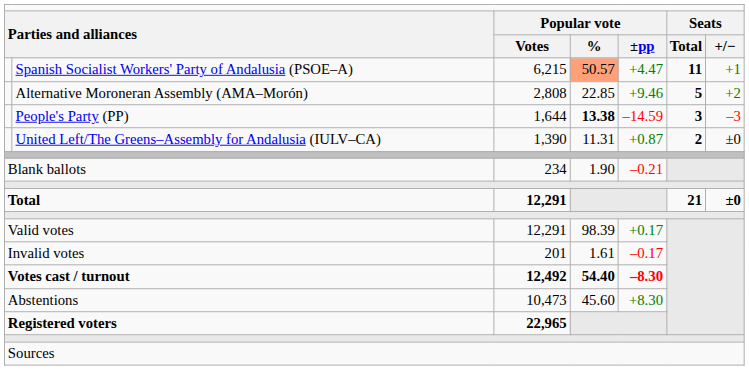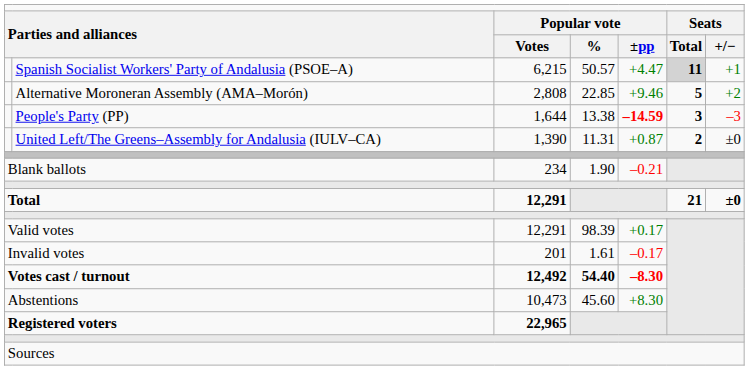 <table class="wikitable" style="text-align:right;">
 <tr>
 <td colspan="7"></td>
 </tr>
 <tr>
 <th style="text-align:left;" rowspan="2" colspan="2" width="525">Parties and alliances</th>
 <th colspan="3">Popular vote</th>
 <th colspan="2">Seats</th>
 </tr>
 <tr>
 <th width="75">Votes</th>
 <th width="45">%</th>
 <th width="45">±<a href='#'>pp</a></th>
 <th width="35">Total</th>
 <th width="35">+/−</th>
 </tr>
 <tr>
 <td width="1" style="color:inherit;background:"></td>
 <td align="left"><a href='#'>Spanish Socialist Workers' Party of Andalusia</a> (PSOE–A)</td>
 <td>6,215</td>
-<td style="background: lightsalmon;">50.57</td>
+<td>50.57</td>
 <td style="color:green;">+4.47</td>
-<td><strong>11</strong></td>
+<td style="background: lightgrey;"><strong>11</strong></td>
 <td style="color:green;">+1</td>
 </tr>
 <tr>
 <td style="color:inherit;background:"></td>
 <td align="left">Alternative Moroneran Assembly (AMA–Morón)</td>
 <td>2,808</td>
 <td>22.85</td>
 <td style="color:green;">+9.46</td>
 <td><strong>5</strong></td>
 <td style="color:green;">+2</td>
 </tr>
 <tr>
 <td style="color:inherit;background:"></td>
 <td align="left"><a href='#'>People's Party</a> (PP)</td>
 <td>1,644</td>
-<td><strong>13.38</strong></td>
-<td style="color:red;">–14.59</td>
+<td>13.38</td>
+<td style="color:red;"><strong>–14.59</strong></td>
 <td><strong>3</strong></td>
 <td style="color:red;">–3</td>
 </tr>
 <tr>
 <td style="color:inherit;background:"></td>
 <td align="left"><a href='#'>United Left/The Greens–Assembly for Andalusia</a> (IULV–CA)</td>
 <td>1,390</td>
 <td>11.31</td>
 <td style="color:green;">+0.87</td>
 <td><strong>2</strong></td>
 <td>±0</td>
 </tr>
 <tr>
 <td colspan="7" bgcolor="#C0C0C0"></td>
 </tr>
 <tr>
 <td align="left" colspan="2">Blank ballots</td>
 <td>234</td>
 <td>1.90</td>
 <td style="color:red;">–0.21</td>
 <td bgcolor="#E9E9E9" colspan="2"></td>
 </tr>
 <tr>
 <td colspan="7" bgcolor="#E9E9E9"></td>
 </tr>
 <tr style="font-weight:bold;">
 <td align="left" colspan="2">Total</td>
 <td>12,291</td>
 <td bgcolor="#E9E9E9" colspan="2"></td>
 <td>21</td>
 <td>±0</td>
 </tr>
 <tr>
 <td colspan="7" bgcolor="#E9E9E9"></td>
 </tr>
 <tr>
 <td align="left" colspan="2">Valid votes</td>
 <td>12,291</td>
 <td>98.39</td>
 <td style="color:green;">+0.17</td>
 <td bgcolor="#E9E9E9" colspan="2" rowspan="5"></td>
 </tr>
 <tr>
 <td align="left" colspan="2">Invalid votes</td>
 <td>201</td>
 <td>1.61</td>
 <td style="color:red;">–0.17</td>
 </tr>
 <tr style="font-weight:bold;">
 <td align="left" colspan="2">Votes cast / turnout</td>
 <td>12,492</td>
 <td>54.40</td>
 <td style="color:red;">–8.30</td>
 </tr>
 <tr>
 <td align="left" colspan="2">Abstentions</td>
 <td>10,473</td>
 <td>45.60</td>
 <td style="color:green;">+8.30</td>
 </tr>
 <tr style="font-weight:bold;">
 <td align="left" colspan="2">Registered voters</td>
 <td>22,965</td>
 <td bgcolor="#E9E9E9" colspan="2"></td>
 </tr>
 <tr>
 <td colspan="7" bgcolor="#E9E9E9"></td>
 </tr>
 <tr>
 <td align="left" colspan="7">Sources</td>
 </tr>
 </table>
